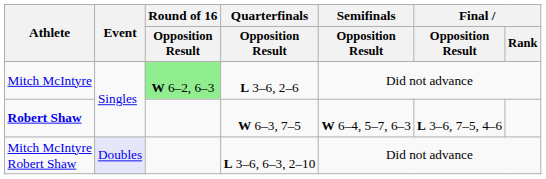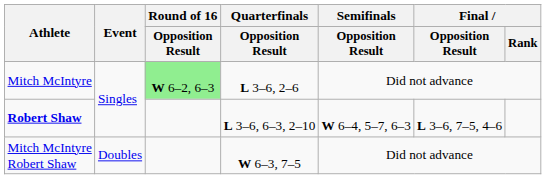 <table class="wikitable" style="font-size:90%;">
 <tr>
 <th rowspan=2>Athlete</th>
 <th rowspan=2>Event</th>
 <th>Round of 16</th>
 <th>Quarterfinals</th>
 <th>Semifinals</th>
 <th colspan=2>Final / </th>
 </tr>
 <tr style="font-size:95%">
 <th>Opposition<br>Result</th>
 <th>Opposition<br>Result</th>
 <th>Opposition<br>Result</th>
 <th>Opposition<br>Result</th>
 <th>Rank</th>
 </tr>
 <tr align=center>
 <td align=left><a href='#'>Mitch McIntyre</a></td>
 <td rowspan=2 align=left><a href='#'>Singles</a></td>
 <td style="background: lightgreen;"><br><strong>W</strong> 6–2, 6–3</td>
 <td><br><strong>L</strong> 3–6, 2–6</td>
 <td colspan=3>Did not advance</td>
 </tr>
 <tr align=center>
 <td align=left><strong><a href='#'>Robert Shaw</a></strong></td>
 <td></td>
-<td><br><strong>W</strong> 6–3, 7–5</td>
+<td><br><strong>L</strong> 3–6, 6–3, 2–10</td>
 <td><br><strong>W</strong> 6–4, 5–7, 6–3</td>
 <td><br><strong>L</strong> 3–6, 7–5, 4–6</td>
 <td></td>
 </tr>
 <tr align=center>
 <td align=left><a href='#'>Mitch McIntyre</a><br><a href='#'>Robert Shaw</a></td>
-<td align=left style="background: lavender;"><a href='#'>Doubles</a></td>
+<td align=left><a href='#'>Doubles</a></td>
 <td></td>
-<td><br><strong>L</strong> 3–6, 6–3, 2–10</td>
+<td><br><strong>W</strong> 6–3, 7–5</td>
 <td colspan=3>Did not advance</td>
 </tr>
 </table>
